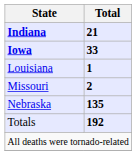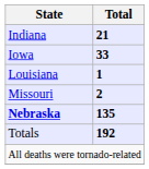 <table class="wikitable" style="margin:0 0 0.5em 1em;float:left;">
 <tr>
 <th><strong>State</strong></th>
 <th><strong>Total</strong></th>
 </tr>
 <tr>
-<td rowspan=1 bgcolor="#e6e9ff"><strong><a href='#'>Indiana</a></strong></td>
+<td rowspan=1 bgcolor="#e6e9ff"><a href='#'>Indiana</a></td>
 <td rowspan=1 bgcolor="#e6e9ff"><strong>21</strong></td>
 </tr>
 <tr>
-<td rowspan=1 bgcolor="#e6e9ff"><strong><a href='#'>Iowa</a></strong></td>
+<td rowspan=1 bgcolor="#e6e9ff"><a href='#'>Iowa</a></td>
 <td rowspan=1 bgcolor="#e6e9ff"><strong>33</strong></td>
 </tr>
 <tr>
 <td rowspan=1 bgcolor="#e6e9ff"><a href='#'>Louisiana</a></td>
 <td rowspan=1 bgcolor="#e6e9ff"><strong>1</strong></td>
 </tr>
 <tr>
 <td rowspan=1 bgcolor="#e6e9ff"><a href='#'>Missouri</a></td>
 <td rowspan=1 bgcolor="#e6e9ff"><strong>2</strong></td>
 </tr>
 <tr>
-<td rowspan=1 bgcolor="#e6e9ff"><a href='#'>Nebraska</a></td>
+<td rowspan=1 bgcolor="#e6e9ff"><strong><a href='#'>Nebraska</a></strong></td>
 <td rowspan=1 bgcolor="#e6e9ff"><strong>135</strong></td>
 </tr>
 <tr>
 <td bgcolor="#e6e9ff">Totals</td>
 <td bgcolor="#e6e9ff"><strong>192</strong></td>
 </tr>
 <tr>
 <td colspan=2 align=center><small>All deaths were tornado-related</small></td>
 </tr>
 <tr>
 </tr>
 </table>
